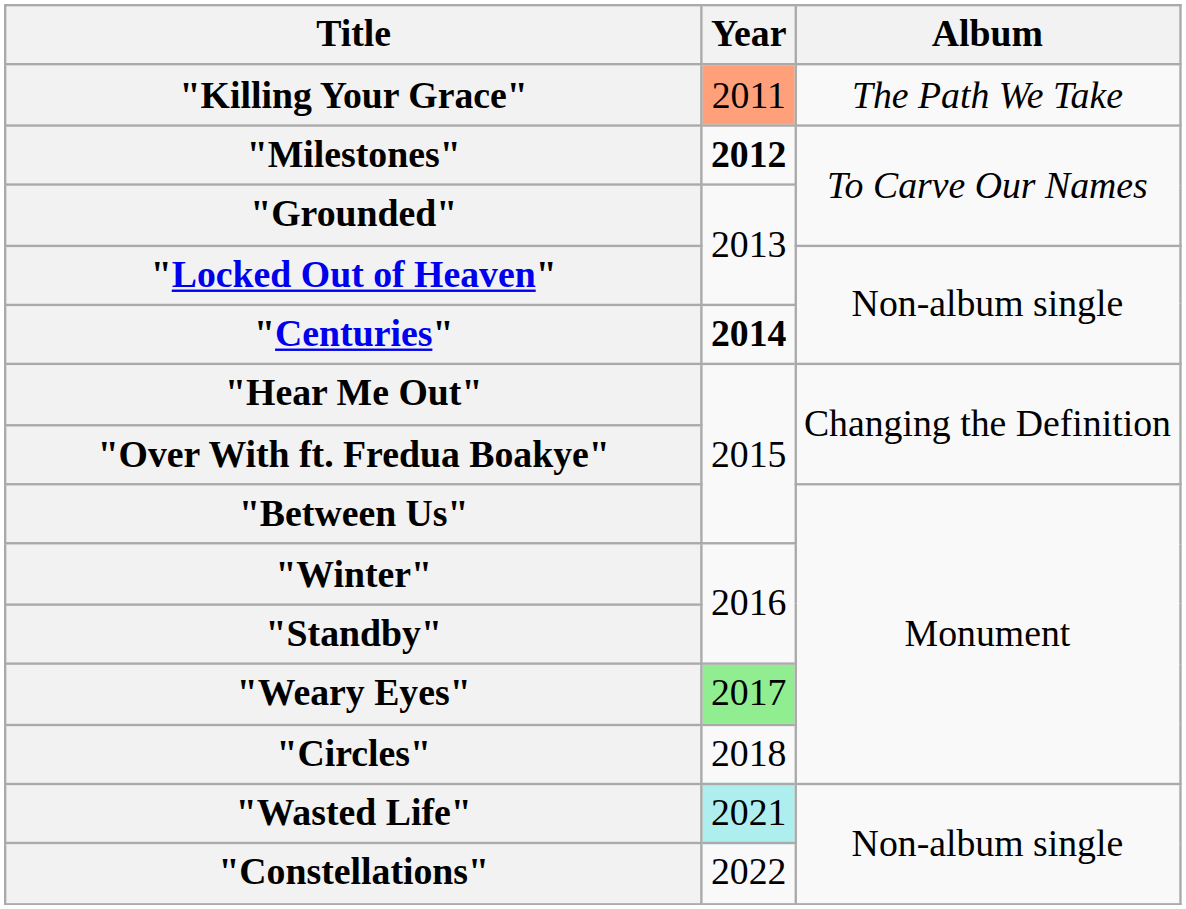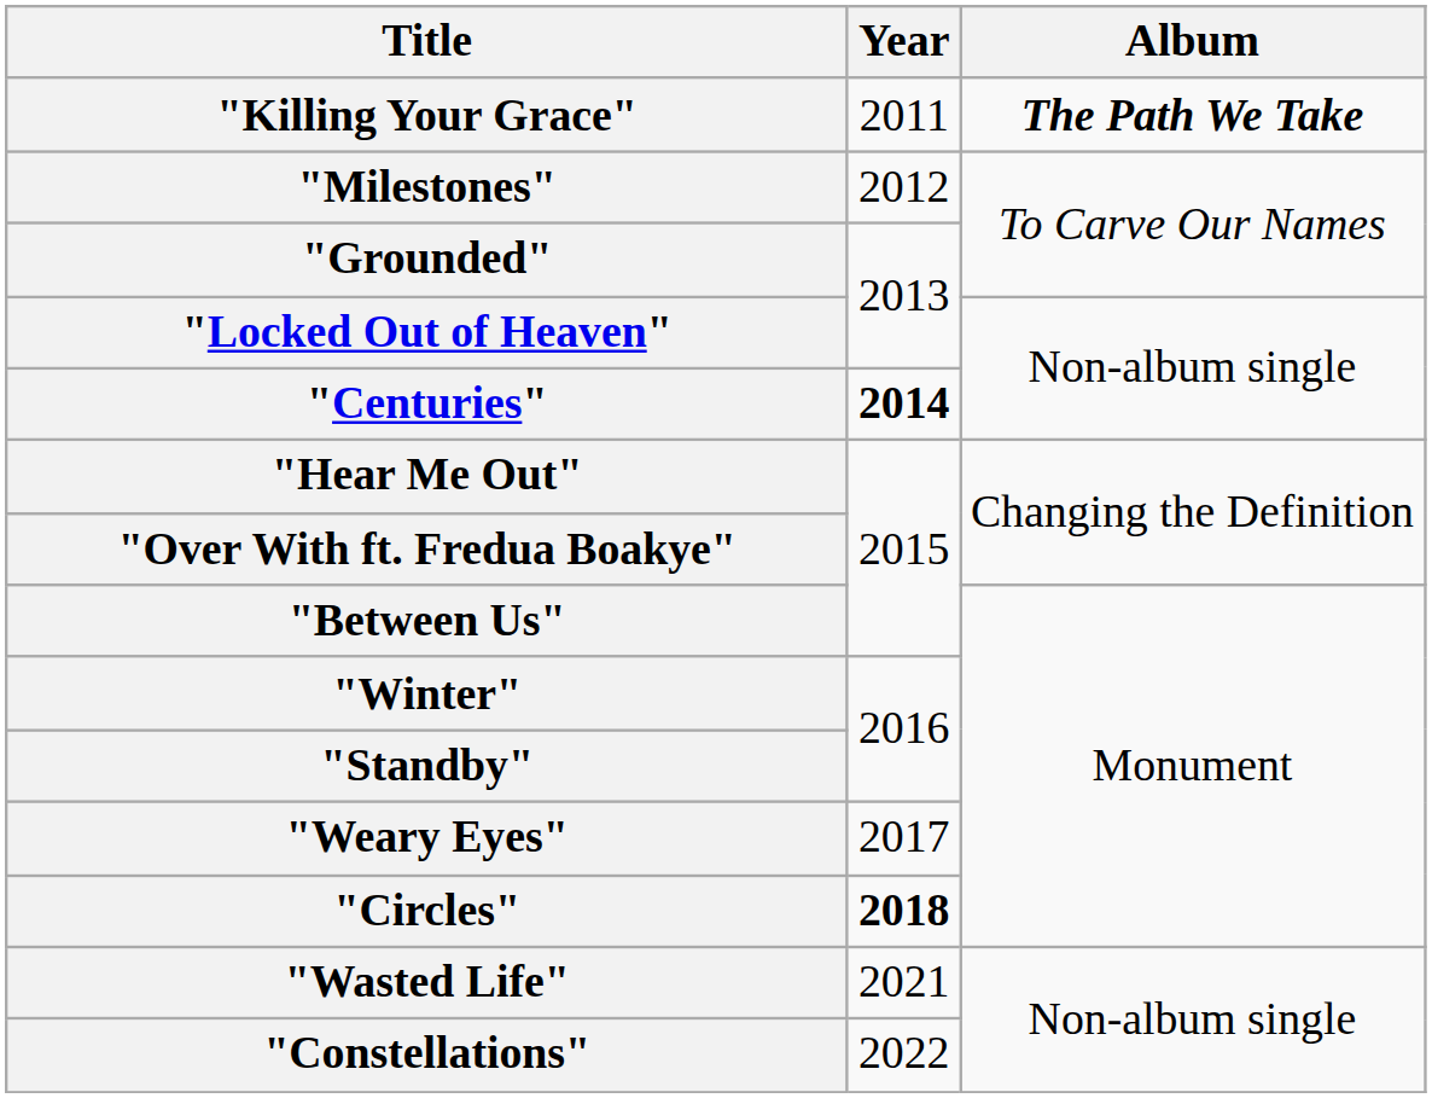 <table class="wikitable plainrowheaders" style="text-align:center;">
 <tr>
 <th scope="col" style="width:18em;">Title</th>
 <th scope="col">Year</th>
 <th scope="col">Album</th>
 </tr>
 <tr>
 <th scope="row">"Killing Your Grace"</th>
-<td rowspan="1" style="background: lightsalmon;">2011</td>
-<td rowspan="1"><em>The Path We Take</em></td>
+<td rowspan="1">2011</td>
+<td rowspan="1"><strong><em>The Path We Take</em></strong></td>
 </tr>
 <tr>
 <th scope="row">"Milestones"</th>
-<td rowspan="1"><strong>2012</strong></td>
+<td rowspan="1">2012</td>
 <td rowspan="2"><em>To Carve Our Names</em></td>
 </tr>
 <tr>
 <th scope="row">"Grounded"</th>
 <td rowspan="2">2013</td>
 </tr>
 <tr>
 <th scope="row">"<a href='#'>Locked Out of Heaven</a>"</th>
 <td rowspan="2">Non-album single</td>
 </tr>
 <tr>
 <th scope="row">"<a href='#'>Centuries</a>"</th>
 <td rowspan="1"><strong>2014</strong></td>
 </tr>
 <tr>
 <th scope="row">"Hear Me Out"</th>
 <td rowspan="3">2015</td>
 <td rowspan="2">Changing the Definition</td>
 </tr>
 <tr>
 <th scope="row">"Over With ft. Fredua Boakye"</th>
 </tr>
 <tr>
 <th scope="row">"Between Us"</th>
 <td rowspan="5">Monument</td>
 </tr>
 <tr>
 <th scope="row">"Winter"</th>
 <td rowspan="2">2016</td>
 </tr>
 <tr>
 <th scope="row">"Standby"</th>
 </tr>
 <tr>
 <th scope="row">"Weary Eyes"</th>
-<td rowspan="1" style="background: lightgreen;">2017</td>
+<td rowspan="1">2017</td>
 </tr>
 <tr>
 <th scope="row">"Circles"</th>
-<td rowspan="1">2018</td>
+<td rowspan="1"><strong>2018</strong></td>
 </tr>
 <tr>
 <th scope="row">"Wasted Life"</th>
-<td rowspan="1" style="background: paleturquoise;">2021</td>
+<td rowspan="1">2021</td>
 <td rowspan="2">Non-album single</td>
 </tr>
 <tr>
 <th scope="row">"Constellations"</th>
 <td rowspan="3">2022</td>
 </tr>
 </table>
